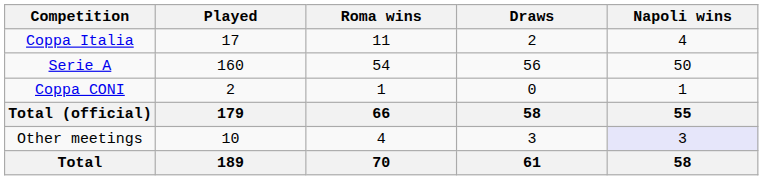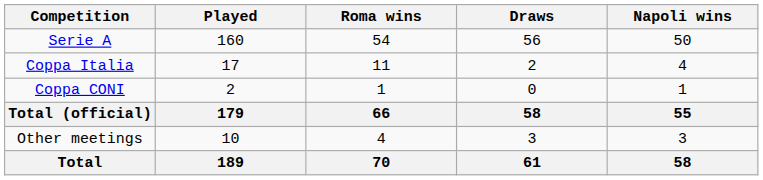 <table class=wikitable sortable" style="text-align:center">
 <tr>
 <th width=20%>Competition</th>
 <th width=20%>Played</th>
 <th width=20%>Roma wins</th>
 <th width=20%>Draws</th>
 <th width=20%>Napoli wins</th>
 </tr>
 <tr align=center>
+<td><a href='#'>Serie A</a></td>
+<td>160</td>
+<td>54</td>
+<td>56</td>
+<td>50</td>
+</tr>
+<tr align=center>
 <td><a href='#'>Coppa Italia</a></td>
 <td>17</td>
 <td>11</td>
 <td>2</td>
 <td>4</td>
-</tr>
-<tr align=center>
-<td><a href='#'>Serie A</a></td>
-<td>160</td>
-<td>54</td>
-<td>56</td>
-<td>50</td>
 </tr>
 <tr>
 <td><a href='#'>Coppa CONI</a></td>
 <td>2</td>
 <td>1</td>
 <td>0</td>
 <td>1</td>
 </tr>
 <tr align=center>
 <th>Total (official)</th>
 <th>179</th>
 <th>66</th>
 <th>58</th>
 <th>55</th>
 </tr>
 <tr>
 <td>Other meetings</td>
 <td>10</td>
 <td>4</td>
 <td>3</td>
-<td style="background: lavender;">3</td>
+<td>3</td>
 </tr>
 <tr align=center>
 <th>Total</th>
 <th>189</th>
 <th>70</th>
 <th>61</th>
 <th>58</th>
 </tr>
 </table>
